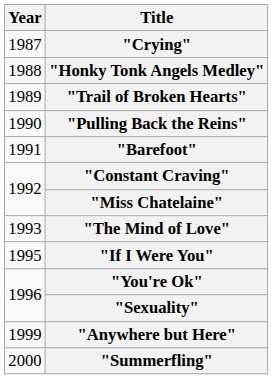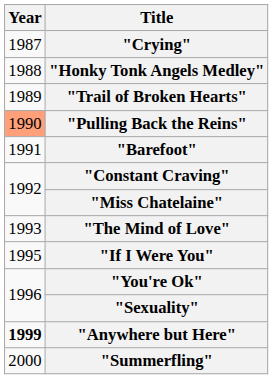 <table class="wikitable plainrowheaders">
 <tr>
 <th scope="col">Year</th>
 <th scope="col">Title</th>
 </tr>
 <tr>
 <td>1987</td>
 <th scope="row">"Crying"</th>
 </tr>
 <tr>
 <td>1988</td>
 <th scope="row">"Honky Tonk Angels Medley"</th>
 </tr>
 <tr>
 <td>1989</td>
 <th scope="row">"Trail of Broken Hearts"</th>
 </tr>
 <tr>
-<td>1990</td>
+<td style="background: lightsalmon;">1990</td>
 <th scope="row">"Pulling Back the Reins"</th>
 </tr>
 <tr>
 <td>1991</td>
 <th scope="row">"Barefoot"</th>
 </tr>
 <tr>
 <td rowspan="2">1992</td>
 <th scope="row">"Constant Craving"</th>
 </tr>
 <tr>
 <th scope="row">"Miss Chatelaine"</th>
 </tr>
 <tr>
 <td>1993</td>
 <th scope="row">"The Mind of Love"</th>
 </tr>
 <tr>
 <td>1995</td>
 <th scope="row">"If I Were You"</th>
 </tr>
 <tr>
 <td rowspan="2">1996</td>
 <th scope="row">"You're Ok"</th>
 </tr>
 <tr>
 <th scope="row">"Sexuality"</th>
 </tr>
 <tr>
-<td>1999</td>
+<td><strong>1999</strong></td>
 <th scope="row">"Anywhere but Here"</th>
 </tr>
 <tr>
 <td>2000</td>
 <th scope="row">"Summerfling"</th>
 </tr>
 </table>
